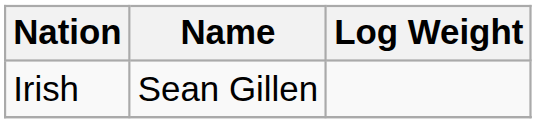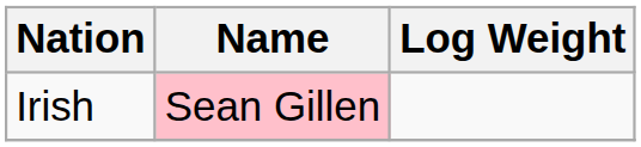 <table class="wikitable" style="display: inline-table">
 <tr>
 <th>Nation</th>
 <th>Name</th>
 <th>Log Weight</th>
 </tr>
 <tr>
 <td> Irish</td>
-<td>Sean Gillen</td>
+<td style="background: pink;">Sean Gillen</td>
 <td></td>
 </tr>
 <tr>
 </tr>
 </table>
